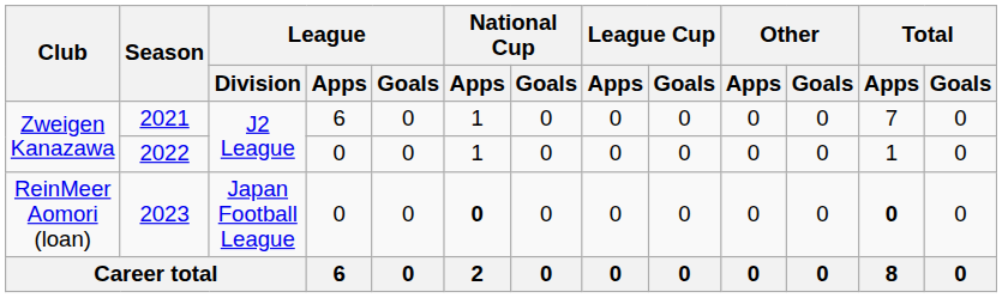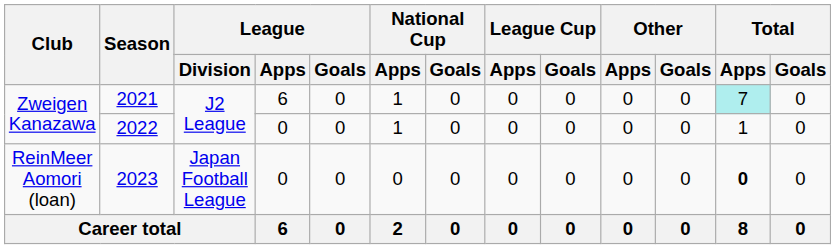 <table class="wikitable" style="text-align:center">
 <tr>
 <th rowspan="2">Club</th>
 <th rowspan="2">Season</th>
 <th colspan="3">League</th>
 <th colspan="2">National Cup</th>
 <th colspan="2">League Cup</th>
 <th colspan="2">Other</th>
 <th colspan="2">Total</th>
 </tr>
 <tr>
 <th>Division</th>
 <th>Apps</th>
 <th>Goals</th>
 <th>Apps</th>
 <th>Goals</th>
 <th>Apps</th>
 <th>Goals</th>
 <th>Apps</th>
 <th>Goals</th>
 <th>Apps</th>
 <th>Goals</th>
 </tr>
 <tr>
 <td rowspan="2"><a href='#'>Zweigen Kanazawa</a></td>
 <td><a href='#'>2021</a></td>
 <td rowspan="2"><a href='#'>J2 League</a></td>
 <td>6</td>
 <td>0</td>
 <td>1</td>
 <td>0</td>
 <td>0</td>
 <td>0</td>
 <td>0</td>
 <td>0</td>
-<td>7</td>
+<td style="background: paleturquoise;">7</td>
 <td>0</td>
 </tr>
 <tr>
 <td><a href='#'>2022</a></td>
 <td>0</td>
 <td>0</td>
 <td>1</td>
 <td>0</td>
 <td>0</td>
 <td>0</td>
 <td>0</td>
 <td>0</td>
 <td>1</td>
 <td>0</td>
 </tr>
 <tr>
 <td><a href='#'>ReinMeer Aomori</a> (loan)</td>
 <td><a href='#'>2023</a></td>
 <td><a href='#'>Japan Football League</a></td>
 <td>0</td>
 <td>0</td>
-<td><strong>0</strong></td>
+<td>0</td>
 <td>0</td>
 <td>0</td>
 <td>0</td>
 <td>0</td>
 <td>0</td>
 <td><strong>0</strong></td>
 <td>0</td>
 </tr>
 <tr>
 <th colspan=3>Career total</th>
 <th>6</th>
 <th>0</th>
 <th>2</th>
 <th>0</th>
 <th>0</th>
 <th>0</th>
 <th>0</th>
 <th>0</th>
 <th>8</th>
 <th>0</th>
 </tr>
 </table>
